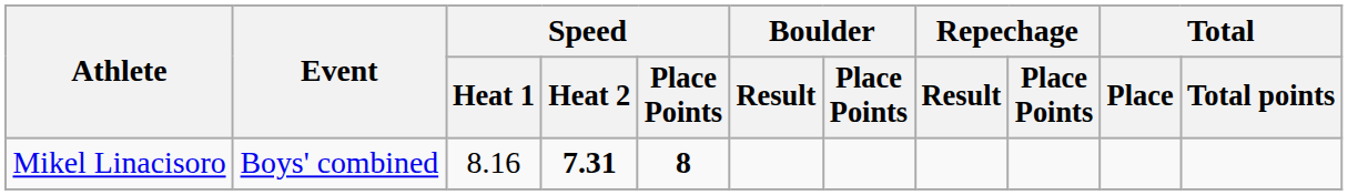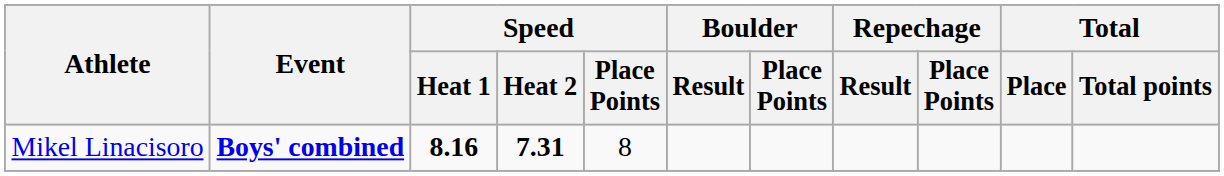 <table class="wikitable" style="font-size:90%">
 <tr>
 <th rowspan="2">Athlete</th>
 <th rowspan="2">Event</th>
 <th colspan="3">Speed</th>
 <th colspan="2">Boulder</th>
 <th colspan="2">Repechage</th>
 <th colspan="2">Total</th>
 </tr>
 <tr style="font-size:95%">
 <th>Heat 1</th>
 <th>Heat 2</th>
 <th>Place<br>Points</th>
 <th>Result</th>
 <th>Place<br>Points</th>
 <th>Result</th>
 <th>Place<br>Points</th>
 <th>Place</th>
 <th>Total points</th>
 </tr>
 <tr align=center>
 <td><a href='#'>Mikel Linacisoro</a></td>
-<td><a href='#'>Boys' combined</a></td>
-<td>8.16</td>
+<td><strong><a href='#'>Boys' combined</a></strong></td>
+<td><strong>8.16</strong></td>
 <td><strong>7.31</strong></td>
-<td><strong>8</strong></td>
+<td>8</td>
 <td></td>
 <td></td>
 <td></td>
 <td></td>
 <td></td>
 <td></td>
 </tr>
 </table>
